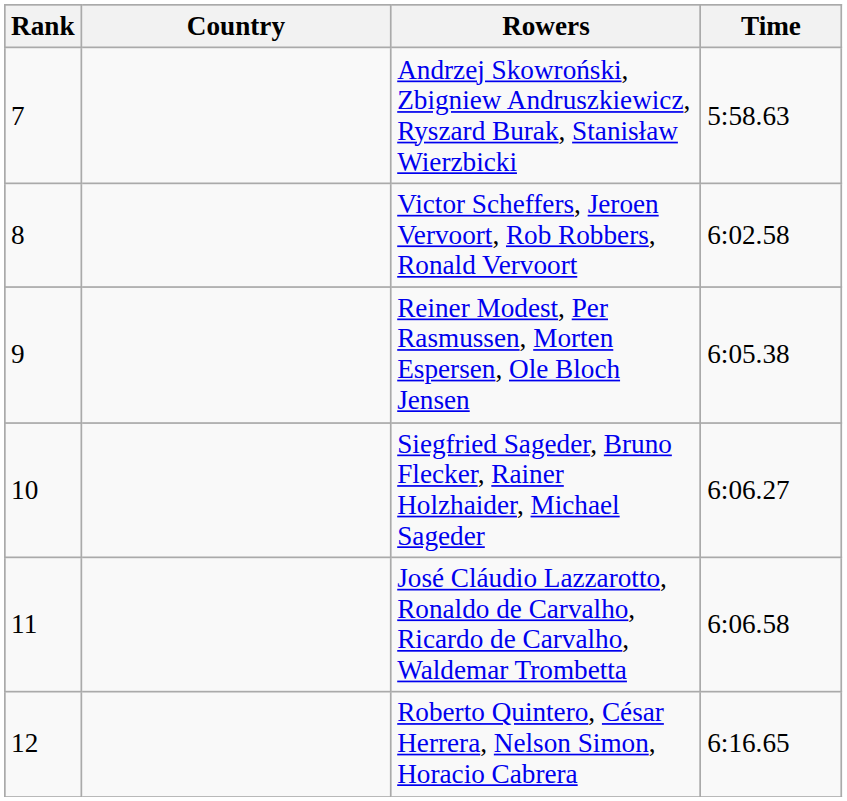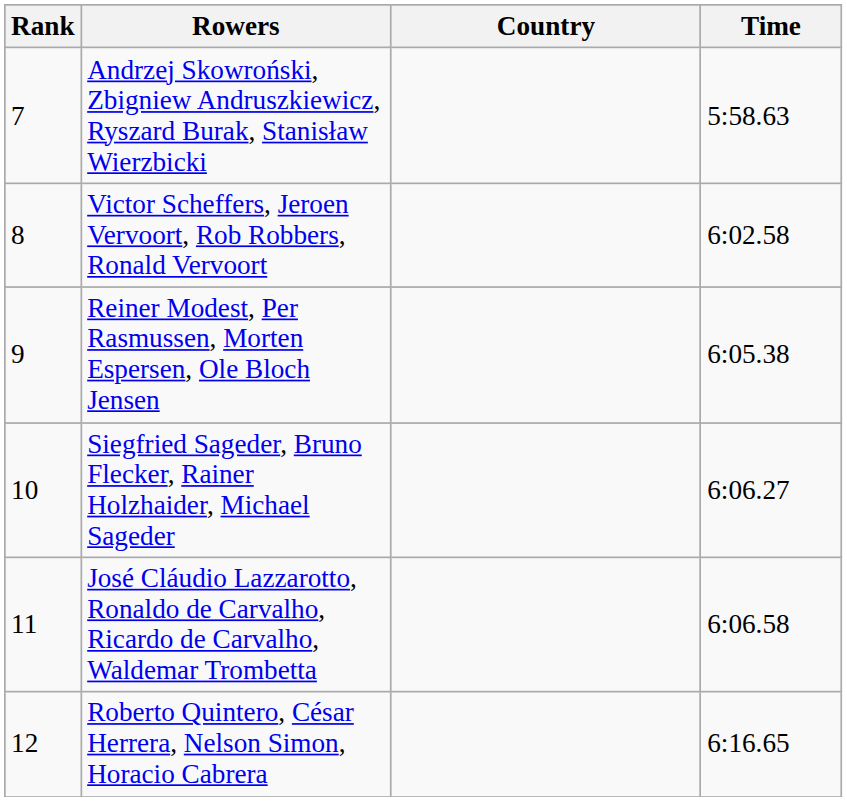 <table class="wikitable">
 <tr>
 <th width=25>Rank</th>
+<th width=175>Rowers</th>
 <th width=175>Country</th>
-<th width=175>Rowers</th>
 <th width=75>Time</th>
 </tr>
 <tr>
 <td>7</td>
+<td><a href='#'>Andrzej Skowroński</a>, <a href='#'>Zbigniew Andruszkiewicz</a>, <a href='#'>Ryszard Burak</a>, <a href='#'>Stanisław Wierzbicki</a></td>
 <td></td>
-<td><a href='#'>Andrzej Skowroński</a>, <a href='#'>Zbigniew Andruszkiewicz</a>, <a href='#'>Ryszard Burak</a>, <a href='#'>Stanisław Wierzbicki</a></td>
 <td>5:58.63</td>
 </tr>
 <tr>
 <td>8</td>
+<td><a href='#'>Victor Scheffers</a>, <a href='#'>Jeroen Vervoort</a>, <a href='#'>Rob Robbers</a>, <a href='#'>Ronald Vervoort</a></td>
 <td></td>
-<td><a href='#'>Victor Scheffers</a>, <a href='#'>Jeroen Vervoort</a>, <a href='#'>Rob Robbers</a>, <a href='#'>Ronald Vervoort</a></td>
 <td>6:02.58</td>
 </tr>
 <tr>
 <td>9</td>
+<td><a href='#'>Reiner Modest</a>, <a href='#'>Per Rasmussen</a>, <a href='#'>Morten Espersen</a>, <a href='#'>Ole Bloch Jensen</a></td>
 <td></td>
-<td><a href='#'>Reiner Modest</a>, <a href='#'>Per Rasmussen</a>, <a href='#'>Morten Espersen</a>, <a href='#'>Ole Bloch Jensen</a></td>
 <td>6:05.38</td>
 </tr>
 <tr>
 <td>10</td>
+<td><a href='#'>Siegfried Sageder</a>, <a href='#'>Bruno Flecker</a>, <a href='#'>Rainer Holzhaider</a>, <a href='#'>Michael Sageder</a></td>
 <td></td>
-<td><a href='#'>Siegfried Sageder</a>, <a href='#'>Bruno Flecker</a>, <a href='#'>Rainer Holzhaider</a>, <a href='#'>Michael Sageder</a></td>
 <td>6:06.27</td>
 </tr>
 <tr>
 <td>11</td>
+<td><a href='#'>José Cláudio Lazzarotto</a>, <a href='#'>Ronaldo de Carvalho</a>, <a href='#'>Ricardo de Carvalho</a>, <a href='#'>Waldemar Trombetta</a></td>
 <td></td>
-<td><a href='#'>José Cláudio Lazzarotto</a>, <a href='#'>Ronaldo de Carvalho</a>, <a href='#'>Ricardo de Carvalho</a>, <a href='#'>Waldemar Trombetta</a></td>
 <td>6:06.58</td>
 </tr>
 <tr>
 <td>12</td>
+<td><a href='#'>Roberto Quintero</a>, <a href='#'>César Herrera</a>, <a href='#'>Nelson Simon</a>, <a href='#'>Horacio Cabrera</a></td>
 <td></td>
-<td><a href='#'>Roberto Quintero</a>, <a href='#'>César Herrera</a>, <a href='#'>Nelson Simon</a>, <a href='#'>Horacio Cabrera</a></td>
 <td>6:16.65</td>
 </tr>
 </table>
